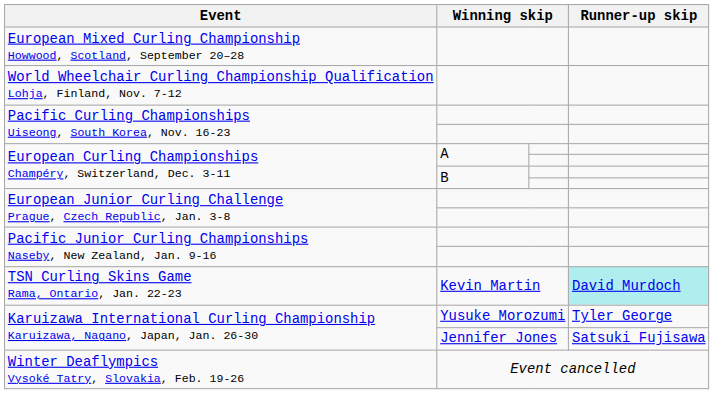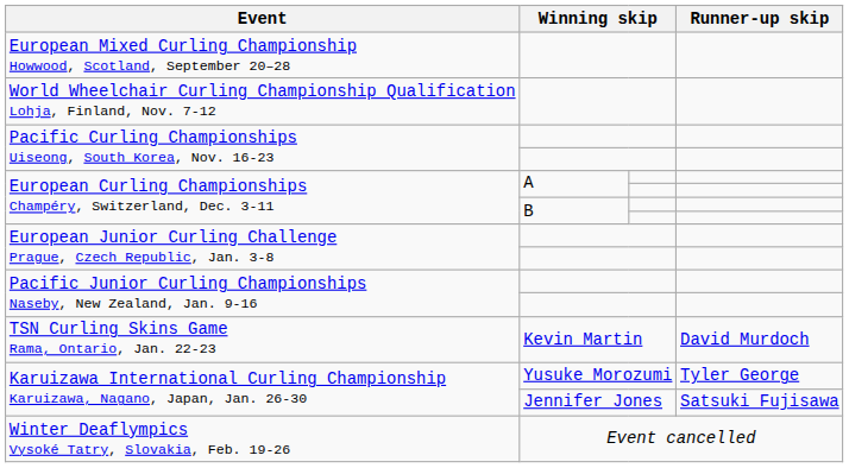 <table class="wikitable">
 <tr>
 <th>Event</th>
 <th colspan=2>Winning skip</th>
 <th>Runner-up skip</th>
 </tr>
 <tr>
 <td><a href='#'>European Mixed Curling Championship</a> <br> <small><a href='#'>Howwood</a>, <a href='#'>Scotland</a>, September 20–28</small></td>
 <td colspan=2></td>
 <td></td>
 </tr>
 <tr>
 <td><a href='#'>World Wheelchair Curling Championship Qualification</a> <br> <small><a href='#'>Lohja</a>, Finland, Nov. 7-12</small></td>
 <td colspan=2></td>
 <td></td>
 </tr>
 <tr>
 <td rowspan=2><a href='#'>Pacific Curling Championships</a> <br> <small><a href='#'>Uiseong</a>, <a href='#'>South Korea</a>, Nov. 16-23</small></td>
 <td colspan=2></td>
 <td></td>
 </tr>
 <tr>
 <td colspan=2></td>
 <td></td>
 </tr>
 <tr>
 <td rowspan=4><a href='#'>European Curling Championships</a> <br> <small><a href='#'>Champéry</a>, Switzerland, Dec. 3-11</small></td>
 <td rowspan=2>A</td>
 <td></td>
 <td></td>
 </tr>
 <tr>
 <td></td>
 <td></td>
 </tr>
 <tr>
 <td rowspan=2>B</td>
 <td></td>
 <td></td>
 </tr>
 <tr>
 <td></td>
 <td></td>
 </tr>
 <tr>
 <td rowspan=2><a href='#'>European Junior Curling Challenge</a> <br> <small><a href='#'>Prague</a>, <a href='#'>Czech Republic</a>, Jan. 3-8</small></td>
 <td colspan=2></td>
 <td></td>
 </tr>
 <tr>
 <td colspan=2></td>
 <td></td>
 </tr>
 <tr>
 <td rowspan=2><a href='#'>Pacific Junior Curling Championships</a> <br> <small><a href='#'>Naseby</a>, New Zealand, Jan. 9-16</small></td>
 <td colspan=2></td>
 <td></td>
 </tr>
 <tr>
 <td colspan=2></td>
 <td></td>
 </tr>
 <tr>
 <td><a href='#'>TSN Curling Skins Game</a> <br> <small><a href='#'>Rama, Ontario</a>, Jan. 22-23</small></td>
 <td colspan=2> <a href='#'>Kevin Martin</a></td>
-<td style="background: paleturquoise;"> <a href='#'>David Murdoch</a></td>
+<td> <a href='#'>David Murdoch</a></td>
 </tr>
 <tr>
 <td rowspan=2><a href='#'>Karuizawa International Curling Championship</a> <br> <small><a href='#'>Karuizawa, Nagano</a>, Japan, Jan. 26-30</small></td>
 <td colspan=2> <a href='#'>Yusuke Morozumi</a></td>
 <td> <a href='#'>Tyler George</a></td>
 </tr>
 <tr>
 <td colspan=2> <a href='#'>Jennifer Jones</a></td>
 <td> <a href='#'>Satsuki Fujisawa</a></td>
 </tr>
 <tr>
 <td><a href='#'>Winter Deaflympics</a> <br> <small><a href='#'>Vysoké Tatry</a>, <a href='#'>Slovakia</a>, Feb. 19-26</small></td>
 <td align=center colspan=3><em>Event cancelled</em></td>
 </tr>
 </table>
